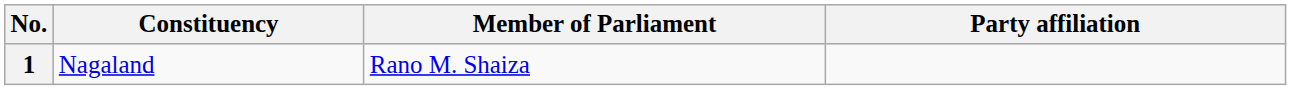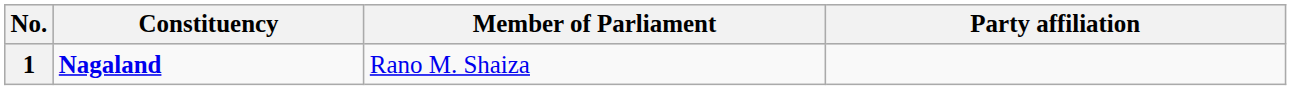 <table class="wikitable">
 <tr style="text-align:center;">
 <th>No.</th>
 <th style="width:12em">Constituency</th>
 <th style="width:18em">Member of Parliament</th>
 <th colspan="2" style="width:18em">Party affiliation</th>
 </tr>
 <tr>
 <th>1</th>
-<td><a href='#'>Nagaland</a></td>
+<td><strong><a href='#'>Nagaland</a></strong></td>
 <td><a href='#'>Rano M. Shaiza</a></td>
 <td></td>
 </tr>
 </table>
